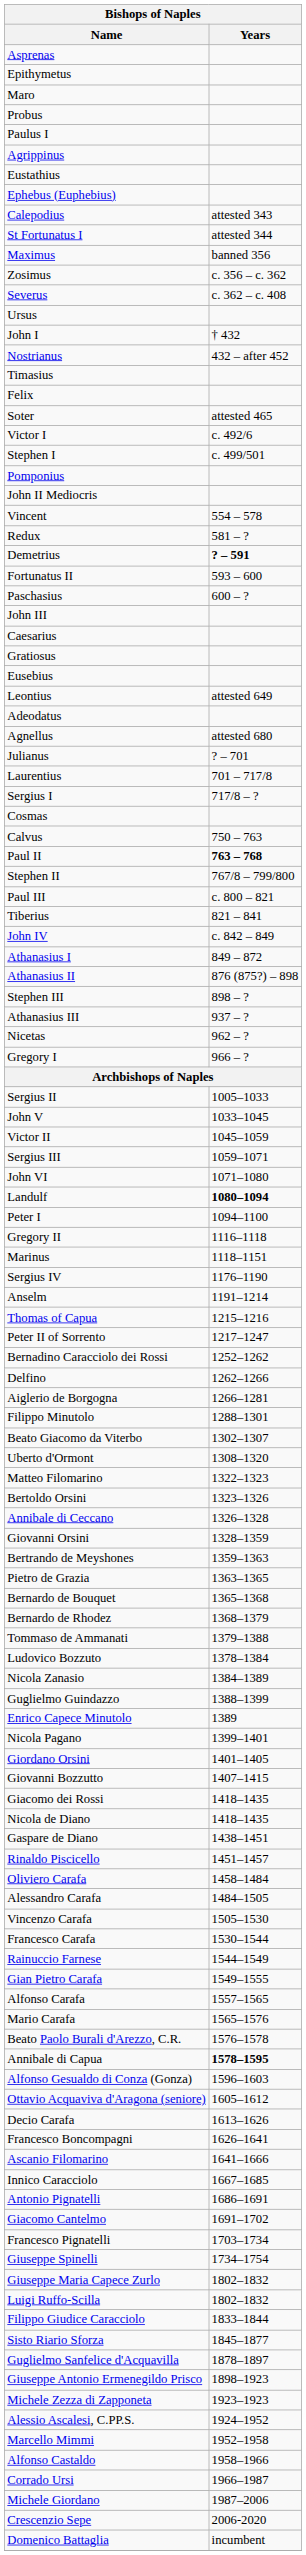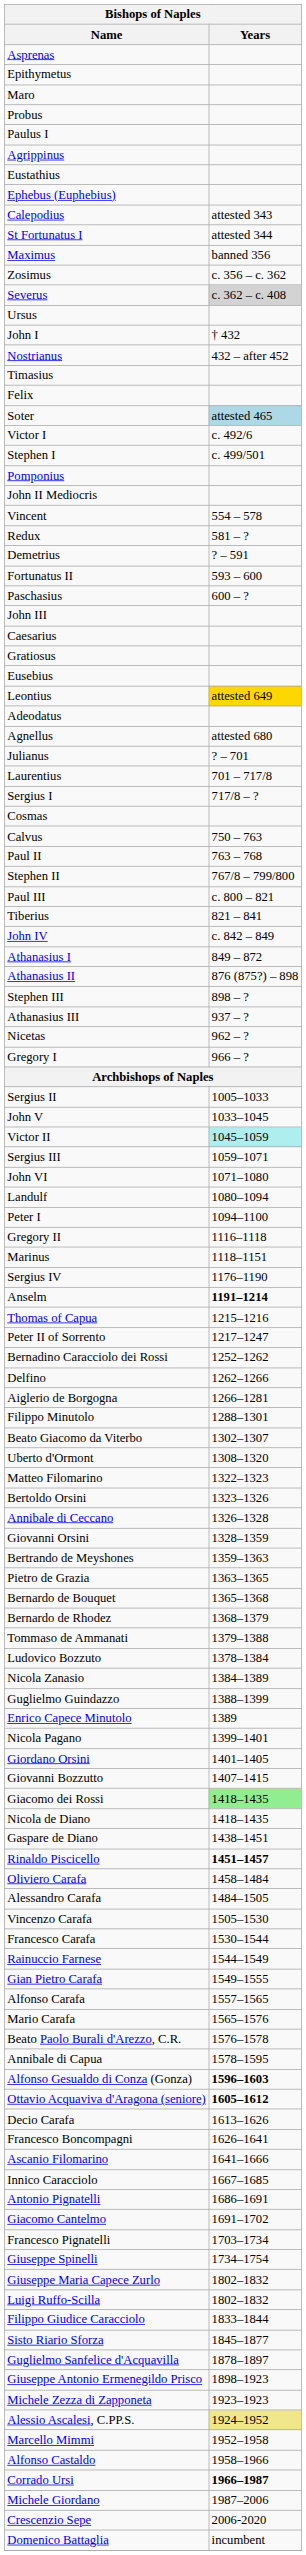 <table class="wikitable">
 <tr>
 <th colspan="4" align="center">Bishops of Naples</th>
 </tr>
 <tr>
 <th>Name</th>
 <th>Years</th>
 </tr>
 <tr>
 <td><a href='#'>Asprenas</a></td>
 <td></td>
 </tr>
 <tr>
 <td>Epithymetus</td>
 <td></td>
 </tr>
 <tr>
 <td>Maro</td>
 <td></td>
 </tr>
 <tr>
 <td>Probus</td>
 <td></td>
 </tr>
 <tr>
 <td>Paulus I</td>
 <td></td>
 </tr>
 <tr>
 <td><a href='#'>Agrippinus</a></td>
 <td></td>
 </tr>
 <tr>
 <td>Eustathius</td>
 <td></td>
 </tr>
 <tr>
 <td><a href='#'>Ephebus (Euphebius)</a></td>
 <td></td>
 </tr>
 <tr>
 <td><a href='#'>Calepodius</a></td>
 <td>attested 343</td>
 </tr>
 <tr>
 <td><a href='#'>St Fortunatus I</a></td>
 <td>attested 344</td>
 </tr>
 <tr>
 <td><a href='#'>Maximus</a></td>
 <td>banned 356</td>
 </tr>
 <tr>
 <td>Zosimus</td>
 <td>c. 356 – c. 362</td>
 </tr>
 <tr>
 <td><a href='#'>Severus</a></td>
-<td>c. 362 – c. 408</td>
+<td style="background: lightgrey;">c. 362 – c. 408</td>
 </tr>
 <tr>
 <td>Ursus</td>
 <td></td>
 </tr>
 <tr>
 <td>John I</td>
 <td>† 432</td>
 </tr>
 <tr>
 <td><a href='#'>Nostrianus</a></td>
 <td>432 – after 452</td>
 </tr>
 <tr>
 <td>Timasius</td>
 <td></td>
 </tr>
 <tr>
 <td>Felix</td>
 <td></td>
 </tr>
 <tr>
 <td>Soter</td>
-<td>attested 465</td>
+<td style="background: lightblue;">attested 465</td>
 </tr>
 <tr>
 <td>Victor I</td>
 <td>c. 492/6</td>
 </tr>
 <tr>
 <td>Stephen I</td>
 <td>c. 499/501</td>
 </tr>
 <tr>
 <td><a href='#'>Pomponius</a></td>
 <td></td>
 </tr>
 <tr>
 <td>John II Mediocris</td>
 <td></td>
 </tr>
 <tr>
 <td>Vincent</td>
 <td>554 – 578</td>
 </tr>
 <tr>
 <td>Redux</td>
 <td>581 – ?</td>
 </tr>
 <tr>
 <td>Demetrius</td>
-<td><strong>? – 591</strong></td>
+<td>? – 591</td>
 </tr>
 <tr>
 <td>Fortunatus II</td>
 <td>593 – 600</td>
 </tr>
 <tr>
 <td>Paschasius</td>
 <td>600 – ?</td>
 </tr>
 <tr>
 <td>John III</td>
 <td></td>
 </tr>
 <tr>
 <td>Caesarius</td>
 <td></td>
 </tr>
 <tr>
 <td>Gratiosus</td>
 <td></td>
 </tr>
 <tr>
 <td>Eusebius</td>
 <td></td>
 </tr>
 <tr>
 <td>Leontius</td>
-<td>attested 649</td>
+<td style="background: gold;">attested 649</td>
 </tr>
 <tr>
 <td>Adeodatus</td>
 <td></td>
 </tr>
 <tr>
 <td>Agnellus</td>
 <td>attested 680</td>
 </tr>
 <tr>
 <td>Julianus</td>
 <td>? – 701</td>
 </tr>
 <tr>
 <td>Laurentius</td>
 <td>701 – 717/8</td>
 </tr>
 <tr>
 <td>Sergius I</td>
 <td>717/8 – ?</td>
 </tr>
 <tr>
 <td>Cosmas</td>
 <td></td>
 </tr>
 <tr>
 <td>Calvus</td>
 <td>750 – 763</td>
 </tr>
 <tr>
 <td>Paul II</td>
-<td><strong>763 – 768</strong></td>
+<td>763 – 768</td>
 </tr>
 <tr>
 <td>Stephen II</td>
 <td>767/8 – 799/800</td>
 </tr>
 <tr>
 <td>Paul III</td>
 <td>c. 800 – 821</td>
 </tr>
 <tr>
 <td>Tiberius</td>
 <td>821 – 841</td>
 </tr>
 <tr>
 <td><a href='#'>John IV</a></td>
 <td>c. 842 – 849</td>
 </tr>
 <tr>
 <td><a href='#'>Athanasius I</a></td>
 <td>849 – 872</td>
 </tr>
 <tr>
 <td><a href='#'>Athanasius II</a></td>
 <td>876 (875?) – 898</td>
 </tr>
 <tr>
 <td>Stephen III</td>
 <td>898 – ?</td>
 </tr>
 <tr>
 <td>Athanasius III</td>
 <td>937 – ?</td>
 </tr>
 <tr>
 <td>Nicetas</td>
 <td>962 – ?</td>
 </tr>
 <tr>
 <td>Gregory I</td>
 <td>966 – ?</td>
 </tr>
 <tr>
 <th colspan="4" align="center">Archbishops of Naples</th>
 </tr>
 <tr>
 <td>Sergius II</td>
 <td>1005–1033</td>
 </tr>
 <tr ->
 <td>John V</td>
 <td>1033–1045</td>
 </tr>
 <tr>
 <td>Victor II</td>
-<td>1045–1059</td>
+<td style="background: paleturquoise;">1045–1059</td>
 </tr>
 <tr>
 <td>Sergius III</td>
 <td>1059–1071</td>
 </tr>
 <tr>
 <td>John VI</td>
 <td>1071–1080</td>
 </tr>
 <tr>
 <td>Landulf</td>
-<td><strong>1080–1094</strong></td>
+<td>1080–1094</td>
 </tr>
 <tr>
 <td>Peter I</td>
 <td>1094–1100</td>
 </tr>
 <tr>
 <td>Gregory II</td>
 <td>1116–1118</td>
 </tr>
 <tr>
 <td>Marinus</td>
 <td>1118–1151</td>
 </tr>
 <tr>
 <td>Sergius IV</td>
 <td>1176–1190</td>
 </tr>
 <tr>
 <td>Anselm</td>
-<td>1191–1214</td>
+<td><strong>1191–1214</strong></td>
 </tr>
 <tr>
 <td><a href='#'>Thomas of Capua</a></td>
 <td>1215–1216</td>
 </tr>
 <tr>
 <td>Peter II of Sorrento</td>
 <td>1217–1247</td>
 </tr>
 <tr>
 <td>Bernadino Caracciolo dei Rossi</td>
 <td>1252–1262</td>
 </tr>
 <tr>
 <td>Delfino</td>
 <td>1262–1266</td>
 </tr>
 <tr>
 <td>Aiglerio de Borgogna</td>
 <td>1266–1281</td>
 </tr>
 <tr>
 <td>Filippo Minutolo</td>
 <td>1288–1301</td>
 </tr>
 <tr>
 <td>Beato Giacomo da Viterbo</td>
 <td>1302–1307</td>
 </tr>
 <tr>
 <td>Uberto d'Ormont</td>
 <td>1308–1320</td>
 </tr>
 <tr>
 <td>Matteo Filomarino</td>
 <td>1322–1323</td>
 </tr>
 <tr>
 <td>Bertoldo Orsini</td>
 <td>1323–1326</td>
 </tr>
 <tr>
 <td><a href='#'>Annibale di Ceccano</a></td>
 <td>1326–1328</td>
 </tr>
 <tr>
 <td>Giovanni Orsini</td>
 <td>1328–1359</td>
 </tr>
 <tr>
 <td>Bertrando de Meyshones</td>
 <td>1359–1363</td>
 </tr>
 <tr>
 <td>Pietro de Grazia</td>
 <td>1363–1365</td>
 </tr>
 <tr>
 <td>Bernardo de Bouquet</td>
 <td>1365–1368</td>
 </tr>
 <tr>
 <td>Bernardo de Rhodez</td>
 <td>1368–1379</td>
 </tr>
 <tr>
 <td>Tommaso de Ammanati</td>
 <td>1379–1388</td>
 </tr>
 <tr>
 <td>Ludovico Bozzuto</td>
 <td>1378–1384</td>
 </tr>
 <tr>
 <td>Nicola Zanasio</td>
 <td>1384–1389</td>
 </tr>
 <tr>
 <td>Guglielmo Guindazzo</td>
 <td>1388–1399</td>
 </tr>
 <tr>
 <td><a href='#'>Enrico Capece Minutolo</a></td>
 <td>1389</td>
 </tr>
 <tr>
 <td>Nicola Pagano</td>
 <td>1399–1401</td>
 </tr>
 <tr>
 <td><a href='#'>Giordano Orsini</a></td>
 <td>1401–1405</td>
 </tr>
 <tr>
 <td>Giovanni Bozzutto</td>
 <td>1407–1415</td>
 </tr>
 <tr>
 <td>Giacomo dei Rossi</td>
-<td>1418–1435</td>
+<td style="background: lightgreen;">1418–1435</td>
 </tr>
 <tr>
 <td>Nicola de Diano</td>
 <td>1418–1435</td>
 </tr>
 <tr>
 <td>Gaspare de Diano</td>
 <td>1438–1451</td>
 </tr>
 <tr>
 <td><a href='#'>Rinaldo Piscicello</a></td>
-<td>1451–1457</td>
+<td><strong>1451–1457</strong></td>
 </tr>
 <tr>
 <td><a href='#'>Oliviero Carafa</a></td>
 <td>1458–1484</td>
 </tr>
 <tr>
 <td>Alessandro Carafa</td>
 <td>1484–1505</td>
 </tr>
 <tr>
 <td>Vincenzo Carafa</td>
 <td>1505–1530</td>
 </tr>
 <tr>
 <td>Francesco Carafa</td>
 <td>1530–1544</td>
 </tr>
 <tr>
 <td><a href='#'>Rainuccio Farnese</a></td>
 <td>1544–1549</td>
 </tr>
 <tr>
 <td><a href='#'>Gian Pietro Carafa</a></td>
 <td>1549–1555</td>
 </tr>
 <tr>
 <td>Alfonso Carafa</td>
 <td>1557–1565</td>
 </tr>
 <tr>
 <td>Mario Carafa</td>
 <td>1565–1576</td>
 </tr>
 <tr>
 <td>Beato <a href='#'>Paolo Burali d'Arezzo</a>, C.R.</td>
 <td>1576–1578</td>
 </tr>
 <tr>
 <td>Annibale di Capua</td>
-<td><strong>1578–1595</strong></td>
+<td>1578–1595</td>
 </tr>
 <tr>
 <td><a href='#'>Alfonso Gesualdo di Conza</a> (Gonza)</td>
-<td>1596–1603</td>
+<td><strong>1596–1603</strong></td>
 </tr>
 <tr>
 <td><a href='#'>Ottavio Acquaviva d'Aragona (seniore)</a></td>
-<td>1605–1612</td>
+<td><strong>1605–1612</strong></td>
 </tr>
 <tr>
 <td>Decio Carafa</td>
 <td>1613–1626</td>
 </tr>
 <tr>
 <td>Francesco Boncompagni</td>
 <td>1626–1641</td>
 </tr>
 <tr>
 <td><a href='#'>Ascanio Filomarino</a></td>
 <td>1641–1666</td>
 </tr>
 <tr ---->
 <td>Innico Caracciolo</td>
 <td>1667–1685</td>
 </tr>
 <tr>
 <td><a href='#'>Antonio Pignatelli</a></td>
 <td>1686–1691</td>
 </tr>
 <tr>
 <td><a href='#'>Giacomo Cantelmo</a></td>
 <td>1691–1702</td>
 </tr>
 <tr>
 <td>Francesco Pignatelli</td>
 <td>1703–1734</td>
 </tr>
 <tr ---->
 <td><a href='#'>Giuseppe Spinelli</a></td>
 <td>1734–1754</td>
 </tr>
 <tr>
 <td><a href='#'>Giuseppe Maria Capece Zurlo</a></td>
 <td>1802–1832</td>
 </tr>
 <tr>
 <td><a href='#'>Luigi Ruffo-Scilla</a></td>
 <td>1802–1832</td>
 </tr>
 <tr>
 <td><a href='#'>Filippo Giudice Caracciolo</a></td>
 <td>1833–1844</td>
 </tr>
 <tr>
 <td><a href='#'>Sisto Riario Sforza</a></td>
 <td>1845–1877</td>
 </tr>
 <tr>
 <td><a href='#'>Guglielmo Sanfelice d'Acquavilla</a></td>
 <td>1878–1897</td>
 </tr>
 <tr>
 <td><a href='#'>Giuseppe Antonio Ermenegildo Prisco</a></td>
 <td>1898–1923</td>
 </tr>
 <tr>
 <td><a href='#'>Michele Zezza di Zapponeta</a></td>
 <td>1923–1923</td>
 </tr>
 <tr>
 <td><a href='#'>Alessio Ascalesi</a>, C.PP.S.</td>
-<td>1924–1952</td>
+<td style="background: khaki;">1924–1952</td>
 </tr>
 <tr>
 <td><a href='#'>Marcello Mimmi</a></td>
 <td>1952–1958</td>
 </tr>
 <tr>
 <td><a href='#'>Alfonso Castaldo</a></td>
 <td>1958–1966</td>
 </tr>
 <tr>
 <td><a href='#'>Corrado Ursi</a></td>
-<td>1966–1987</td>
+<td><strong>1966–1987</strong></td>
 </tr>
 <tr>
 <td><a href='#'>Michele Giordano</a></td>
 <td>1987–2006</td>
 </tr>
 <tr>
 <td><a href='#'>Crescenzio Sepe</a></td>
 <td>2006-2020</td>
 </tr>
 <tr>
 <td><a href='#'>Domenico Battaglia</a></td>
 <td>incumbent</td>
 </tr>
 <tr>
 </tr>
 </table>
